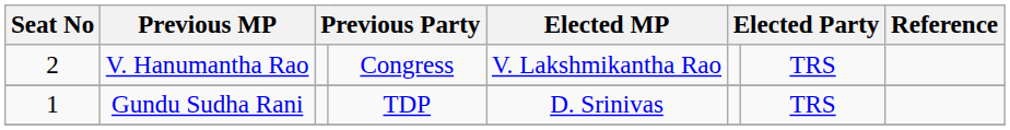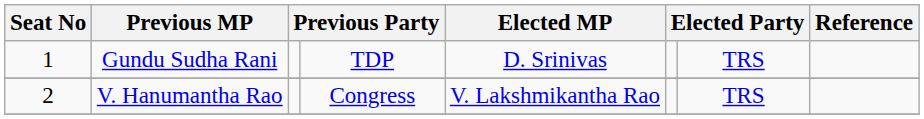 <table class="wikitable">
 <tr>
 <th>Seat No</th>
 <th>Previous MP</th>
 <th colspan=2>Previous Party</th>
 <th>Elected MP</th>
 <th colspan=2>Elected Party</th>
 <th>Reference</th>
+</tr>
+<tr style="text-align:center;">
+<td>1</td>
+<td><a href='#'>Gundu Sudha Rani</a></td>
+<td width="1px"></td>
+<td><a href='#'>TDP</a></td>
+<td><a href='#'>D. Srinivas</a></td>
+<td width="1px"></td>
+<td><a href='#'>TRS</a></td>
+<td rowspan=1></td>
+</tr>
+<tr>
 </tr>
 <tr style="text-align:center;">
 <td>2</td>
 <td><a href='#'>V. Hanumantha Rao</a></td>
 <td width="1px"></td>
 <td><a href='#'>Congress</a></td>
 <td><a href='#'>V. Lakshmikantha Rao</a></td>
 <td width="1px"></td>
 <td><a href='#'>TRS</a></td>
 <td rowspan=1></td>
 </tr>
 <tr>
 </tr>
-<tr style="text-align:center;">
-<td>1</td>
-<td><a href='#'>Gundu Sudha Rani</a></td>
-<td width="1px"></td>
-<td><a href='#'>TDP</a></td>
-<td><a href='#'>D. Srinivas</a></td>
-<td width="1px"></td>
-<td><a href='#'>TRS</a></td>
-<td rowspan=1></td>
-</tr>
-<tr>
-</tr>
 </table>
